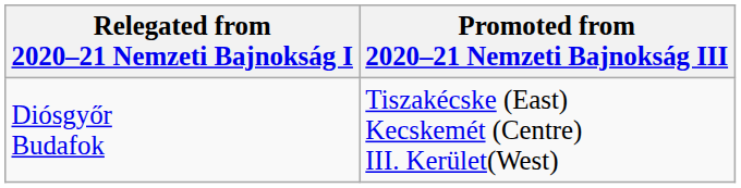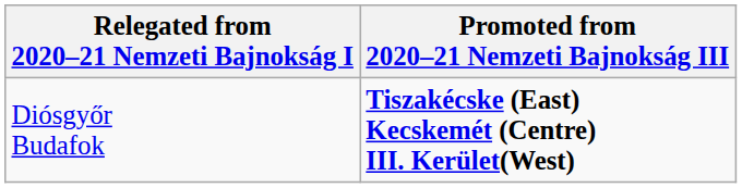 <table class="wikitable">
 <tr>
 <th>Relegated from<br><a href='#'>2020–21 Nemzeti Bajnokság I</a></th>
 <th>Promoted from<br><a href='#'>2020–21 Nemzeti Bajnokság III</a></th>
 </tr>
 <tr>
 <td> <a href='#'>Diósgyőr</a><br> <a href='#'>Budafok</a></td>
-<td> <a href='#'>Tiszakécske</a> (East)<br> <a href='#'>Kecskemét</a> (Centre)<br> <a href='#'>III. Kerület</a>(West)</td>
+<td><strong> <a href='#'>Tiszakécske</a> (East)<br> <a href='#'>Kecskemét</a> (Centre)<br> <a href='#'>III. Kerület</a>(West)</strong></td>
 </tr>
 </table>
